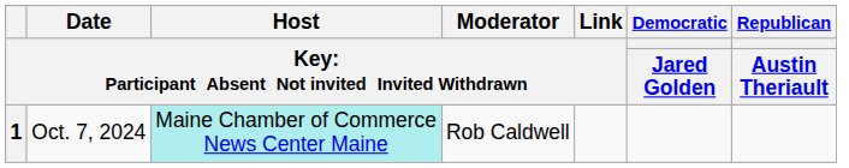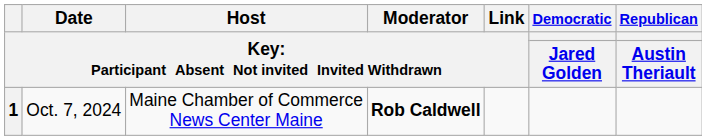 <table class="wikitable" style="text-align:center;">
 <tr>
 <th scope="col"></th>
 <th scope="col">Date</th>
 <th scope="col">Host</th>
 <th scope="col">Moderator</th>
 <th scope="col">Link</th>
 <th scope="col"><small><a href='#'>Democratic</a></small></th>
 <th scope="col"><small><a href='#'>Republican</a></small></th>
 </tr>
 <tr>
 <th colspan="5" rowspan="2">Key:<br> <small>Participant </small>  <small>Absent </small>  <small>Not invited </small>  <small>Invited  Withdrawn</small></th>
 <th scope="col" style="background:"></th>
 <th scope="col" style="background:"></th>
 </tr>
 <tr>
 <th scope="col"><a href='#'>Jared Golden</a></th>
 <th scope="col"><a href='#'>Austin Theriault</a></th>
 </tr>
 <tr>
 <th>1</th>
 <td style="white-space:nowrap;">Oct. 7, 2024</td>
-<td style="background: paleturquoise; white-space:nowrap;">Maine Chamber of Commerce<br><a href='#'>News Center Maine</a></td>
-<td style="white-space:nowrap;">Rob Caldwell</td>
+<td style="white-space:nowrap;">Maine Chamber of Commerce<br><a href='#'>News Center Maine</a></td>
+<td style="white-space:nowrap;"><strong>Rob Caldwell</strong></td>
 <td style="white-space:nowrap;"></td>
 <td></td>
 <td></td>
 </tr>
 </table>
